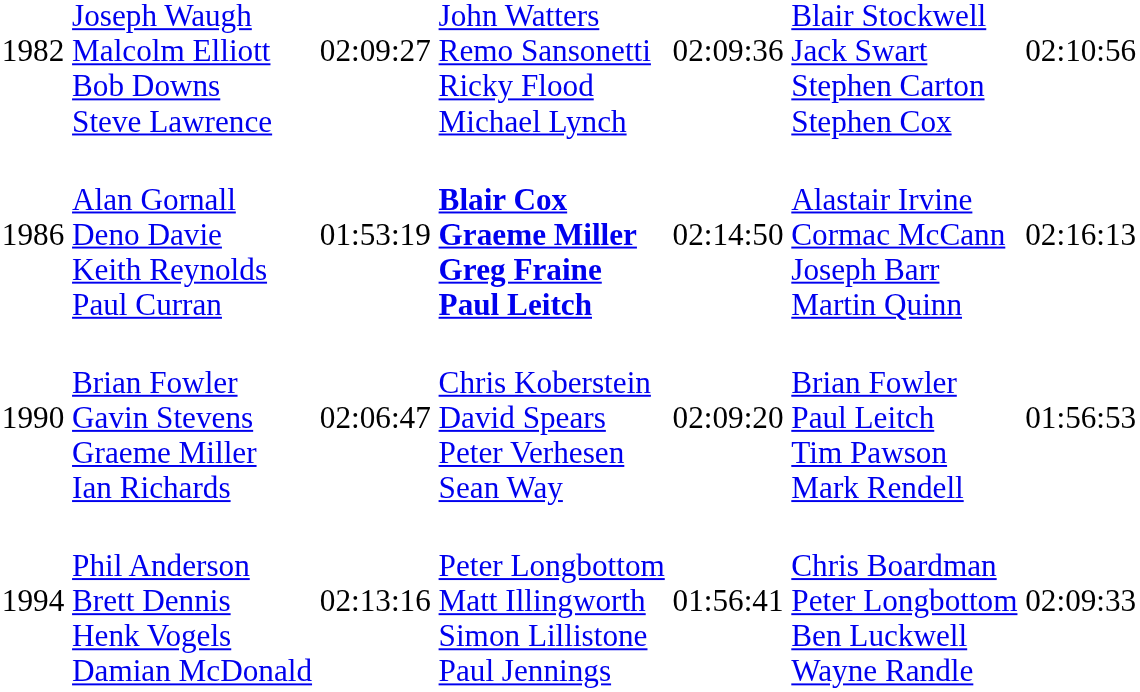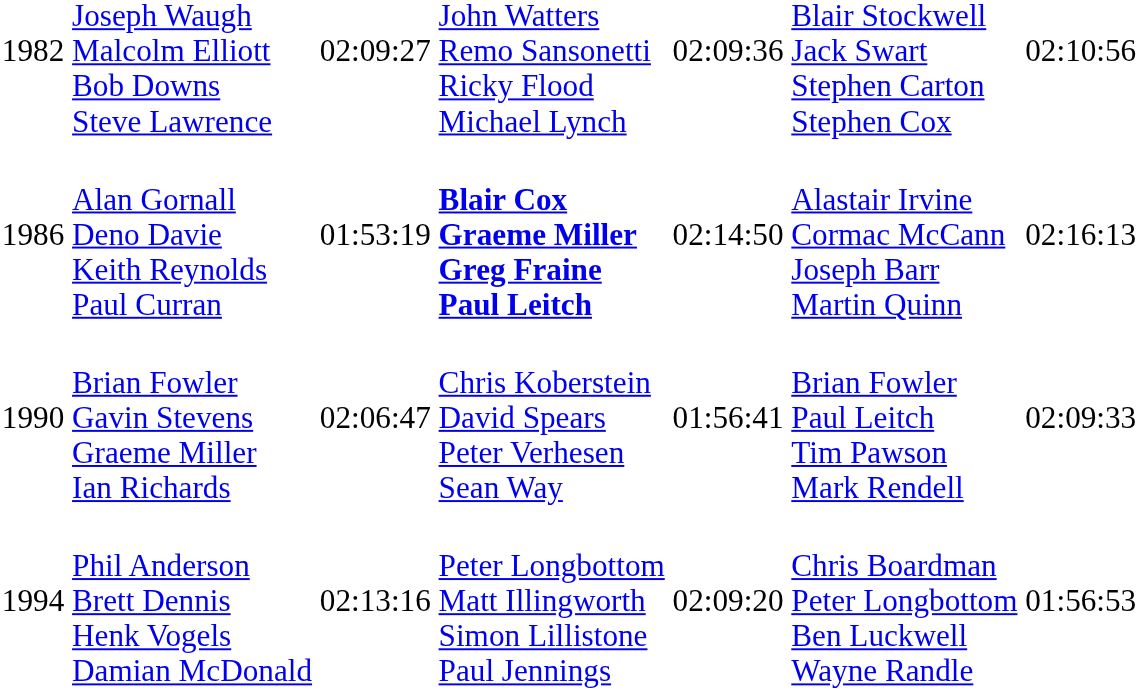 <table>
 <tr>
 <td>1982</td>
 <td><br><a href='#'>Joseph Waugh</a><br><a href='#'>Malcolm Elliott</a><br><a href='#'>Bob Downs</a><br><a href='#'>Steve Lawrence</a></td>
 <td>02:09:27</td>
 <td><br><a href='#'>John Watters</a><br><a href='#'>Remo Sansonetti</a><br><a href='#'>Ricky Flood</a><br><a href='#'>Michael Lynch</a></td>
 <td>02:09:36</td>
 <td><br><a href='#'>Blair Stockwell</a><br><a href='#'>Jack Swart</a><br><a href='#'>Stephen Carton</a><br><a href='#'>Stephen Cox</a></td>
 <td>02:10:56</td>
 </tr>
 <tr>
 <td>1986</td>
 <td><br><a href='#'>Alan Gornall</a><br><a href='#'>Deno Davie</a><br><a href='#'>Keith Reynolds</a><br><a href='#'>Paul Curran</a></td>
 <td>01:53:19</td>
 <td><strong><br><a href='#'>Blair Cox</a><br><a href='#'>Graeme Miller</a><br><a href='#'>Greg Fraine</a><br><a href='#'>Paul Leitch</a></strong></td>
 <td>02:14:50</td>
 <td><br><a href='#'>Alastair Irvine</a><br><a href='#'>Cormac McCann</a><br><a href='#'>Joseph Barr</a><br><a href='#'>Martin Quinn</a></td>
 <td>02:16:13</td>
 </tr>
 <tr>
 <td>1990</td>
 <td><br><a href='#'>Brian Fowler</a><br><a href='#'>Gavin Stevens</a><br><a href='#'>Graeme Miller</a><br><a href='#'>Ian Richards</a></td>
 <td>02:06:47</td>
 <td><br><a href='#'>Chris Koberstein</a><br><a href='#'>David Spears</a><br><a href='#'>Peter Verhesen</a><br><a href='#'>Sean Way</a></td>
-<td>02:09:20</td>
+<td>01:56:41</td>
 <td><br><a href='#'>Brian Fowler</a><br><a href='#'>Paul Leitch</a><br><a href='#'>Tim Pawson</a><br><a href='#'>Mark Rendell</a></td>
-<td>01:56:53</td>
+<td>02:09:33</td>
 </tr>
 <tr>
 <td>1994</td>
 <td><br><a href='#'>Phil Anderson</a><br><a href='#'>Brett Dennis</a><br><a href='#'>Henk Vogels</a><br><a href='#'>Damian McDonald</a></td>
 <td>02:13:16</td>
 <td><br><a href='#'>Peter Longbottom</a><br><a href='#'>Matt Illingworth</a><br><a href='#'>Simon Lillistone</a><br><a href='#'>Paul Jennings</a></td>
-<td>01:56:41</td>
+<td>02:09:20</td>
 <td><br><a href='#'>Chris Boardman</a><br><a href='#'>Peter Longbottom</a><br><a href='#'>Ben Luckwell</a><br><a href='#'>Wayne Randle</a></td>
-<td>02:09:33</td>
+<td>01:56:53</td>
 </tr>
 </table>
